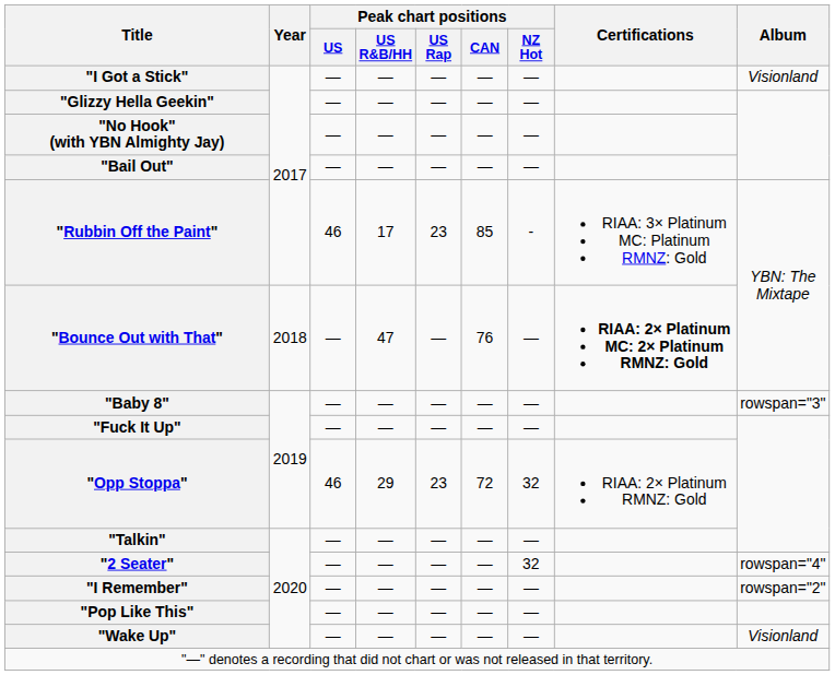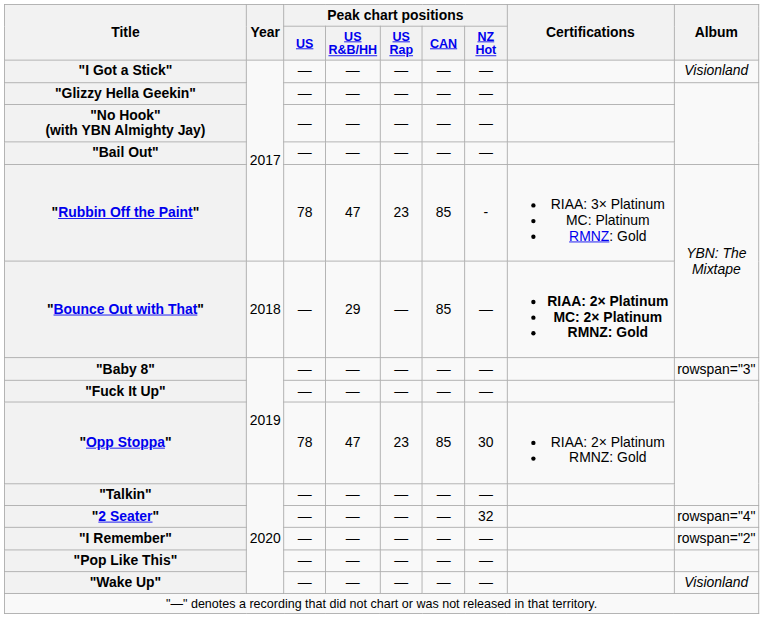 <table class="wikitable plainrowheaders" style="text-align:center;">
 <tr>
 <th scope="col" rowspan="2" style="width:18em;">Title</th>
 <th scope="col" rowspan="2" style="width:1em;">Year</th>
 <th scope="col" colspan="5">Peak chart positions</th>
 <th scope="col" rowspan="2" style="width:12em;">Certifications</th>
 <th rowspan="2">Album</th>
 </tr>
 <tr>
 <th scope="col" style="width:3em;font-size:90%;"><a href='#'>US</a><br></th>
 <th scope="col" style="width:3em;font-size:90%;"><a href='#'>US<br>R&B/HH</a><br></th>
 <th scope="col" style="width:3em;font-size:90%;"><a href='#'>US<br>Rap</a><br></th>
 <th scope="col" style="width:3em;font-size:90%;"><a href='#'>CAN</a><br></th>
 <th scope="col" style="width:3em;font-size:90%;"><a href='#'>NZ<br>Hot</a><br></th>
 </tr>
 <tr>
 <th scope="row">"I Got a Stick"</th>
 <td rowspan="5">2017</td>
 <td>—</td>
 <td>—</td>
 <td>—</td>
 <td>—</td>
 <td>—</td>
 <td></td>
 <td><em>Visionland</em></td>
 </tr>
 <tr>
 <th scope="row">"Glizzy Hella Geekin"</th>
 <td>—</td>
 <td>—</td>
 <td>—</td>
 <td>—</td>
 <td>—</td>
 <td></td>
 </tr>
 <tr>
 <th scope="row">"No Hook" <br><span>(with YBN Almighty Jay)</span></th>
 <td>—</td>
 <td>—</td>
 <td>—</td>
 <td>—</td>
 <td>—</td>
 <td></td>
 </tr>
 <tr>
 <th scope="row">"Bail Out"</th>
 <td>—</td>
 <td>—</td>
 <td>—</td>
 <td>—</td>
 <td>—</td>
 <td></td>
 </tr>
 <tr>
 <th scope="row">"<a href='#'>Rubbin Off the Paint</a>"</th>
-<td>46</td>
-<td>17</td>
+<td>78</td>
+<td>47</td>
 <td>23</td>
 <td>85</td>
 <td>-</td>
 <td><br><ul><li>RIAA: 3× Platinum</li><li>MC: Platinum</li><li><a href='#'>RMNZ</a>: Gold</li></ul></td>
 <td rowspan="2"><em>YBN: The Mixtape</em></td>
 </tr>
 <tr>
 <th scope="row">"<a href='#'>Bounce Out with That</a>"<br></th>
 <td>2018</td>
 <td>—</td>
-<td>47</td>
+<td>29</td>
 <td>—</td>
-<td>76</td>
+<td>85</td>
 <td>—</td>
 <td><strong><br><ul><li>RIAA: 2× Platinum</li><li>MC: 2× Platinum</li><li>RMNZ: Gold</li></ul></strong></td>
 </tr>
 <tr>
 <th scope="row">"Baby 8"</th>
 <td rowspan="3">2019</td>
 <td>—</td>
 <td>—</td>
 <td>—</td>
 <td>—</td>
 <td>—</td>
 <td></td>
 <td>rowspan="3" </td>
 </tr>
 <tr>
 <th scope="row">"Fuck It Up"<br></th>
 <td>—</td>
 <td>—</td>
 <td>—</td>
 <td>—</td>
 <td>—</td>
 <td></td>
 </tr>
 <tr>
 <th scope="row">"<a href='#'>Opp Stoppa</a>"<br></th>
-<td>46</td>
-<td>29</td>
+<td>78</td>
+<td>47</td>
 <td>23</td>
-<td>72</td>
-<td>32</td>
+<td>85</td>
+<td>30</td>
 <td><br><ul><li>RIAA: 2× Platinum</li><li>RMNZ: Gold</li></ul></td>
 </tr>
 <tr>
 <th scope="row">"Talkin"</th>
 <td rowspan="5">2020</td>
 <td>—</td>
 <td>—</td>
 <td>—</td>
 <td>—</td>
 <td>—</td>
 <td></td>
 </tr>
 <tr>
 <th scope="row">"<a href='#'>2 Seater</a>"<br></th>
 <td>—</td>
 <td>—</td>
 <td>—</td>
 <td>—</td>
 <td>32</td>
 <td></td>
 <td>rowspan="4" </td>
 </tr>
 <tr>
 <th scope="row">"I Remember"</th>
 <td>—</td>
 <td>—</td>
 <td>—</td>
 <td>—</td>
 <td>—</td>
 <td></td>
 <td>rowspan="2" </td>
 </tr>
 <tr>
 <th scope="row">"Pop Like This"<br></th>
 <td>—</td>
 <td>—</td>
 <td>—</td>
 <td>—</td>
 <td>—</td>
 <td></td>
 </tr>
 <tr>
 <th scope="row">"Wake Up"</th>
 <td>—</td>
 <td>—</td>
 <td>—</td>
 <td>—</td>
 <td>—</td>
 <td></td>
 <td><em>Visionland</em></td>
 </tr>
 <tr>
 <td colspan="11" style="font-size:90%">"—" denotes a recording that did not chart or was not released in that territory.</td>
 </tr>
 </table>
